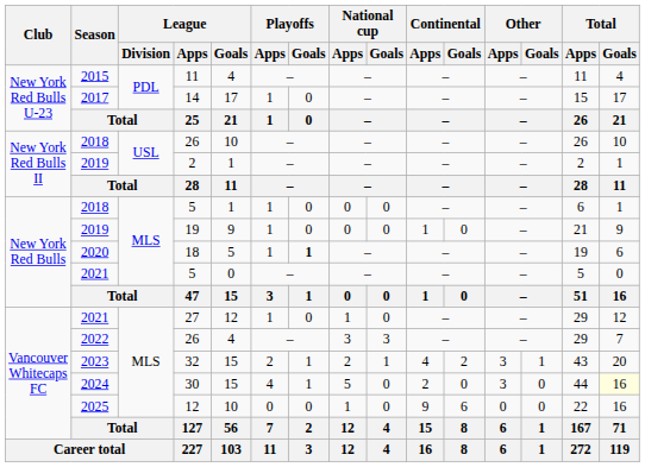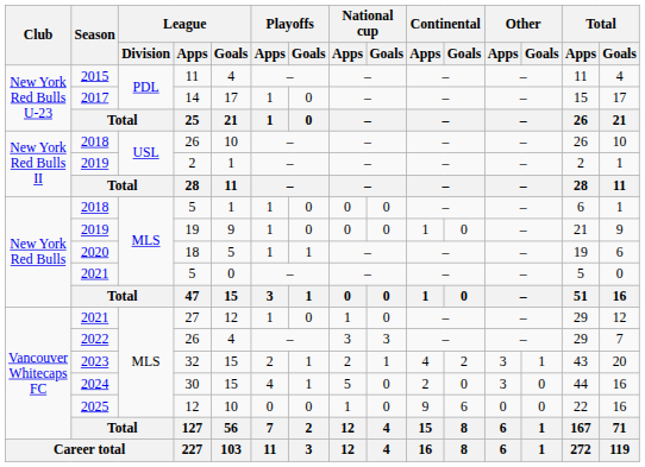 <table class="wikitable" style="text-align: center;">
 <tr>
 <th rowspan="2">Club</th>
 <th rowspan="2">Season</th>
 <th colspan="3">League</th>
 <th colspan="2">Playoffs</th>
 <th colspan="2">National cup</th>
 <th colspan="2">Continental</th>
 <th colspan="2">Other</th>
 <th colspan="2">Total</th>
 </tr>
 <tr>
 <th>Division</th>
 <th>Apps</th>
 <th>Goals</th>
 <th>Apps</th>
 <th>Goals</th>
 <th>Apps</th>
 <th>Goals</th>
 <th>Apps</th>
 <th>Goals</th>
 <th>Apps</th>
 <th>Goals</th>
 <th>Apps</th>
 <th>Goals</th>
 </tr>
 <tr>
 <td rowspan="3"><a href='#'>New York Red Bulls U-23</a></td>
 <td><a href='#'>2015</a></td>
 <td rowspan="2"><a href='#'>PDL</a></td>
 <td>11</td>
 <td>4</td>
 <td colspan="2">–</td>
 <td colspan="2">–</td>
 <td colspan="2">–</td>
 <td colspan="2">–</td>
 <td>11</td>
 <td>4</td>
 </tr>
 <tr>
 <td><a href='#'>2017</a></td>
 <td>14</td>
 <td>17</td>
 <td>1</td>
 <td>0</td>
 <td colspan="2">–</td>
 <td colspan="2">–</td>
 <td colspan="2">–</td>
 <td>15</td>
 <td>17</td>
 </tr>
 <tr>
 <th colspan="2">Total</th>
 <th>25</th>
 <th>21</th>
 <th>1</th>
 <th>0</th>
 <th colspan="2">–</th>
 <th colspan="2">–</th>
 <th colspan="2">–</th>
 <th>26</th>
 <th>21</th>
 </tr>
 <tr>
 <td rowspan="3"><a href='#'>New York Red Bulls II</a></td>
 <td><a href='#'>2018</a></td>
 <td rowspan="2"><a href='#'>USL</a></td>
 <td>26</td>
 <td>10</td>
 <td colspan="2">–</td>
 <td colspan="2">–</td>
 <td colspan="2">–</td>
 <td colspan="2">–</td>
 <td>26</td>
 <td>10</td>
 </tr>
 <tr>
 <td><a href='#'>2019</a></td>
 <td>2</td>
 <td>1</td>
 <td colspan="2">–</td>
 <td colspan="2">–</td>
 <td colspan="2">–</td>
 <td colspan="2">–</td>
 <td>2</td>
 <td>1</td>
 </tr>
 <tr>
 <th colspan="2">Total</th>
 <th>28</th>
 <th>11</th>
 <th colspan="2">–</th>
 <th colspan="2">–</th>
 <th colspan="2">–</th>
 <th colspan="2">–</th>
 <th>28</th>
 <th>11</th>
 </tr>
 <tr>
 <td rowspan="5"><a href='#'>New York Red Bulls</a></td>
 <td><a href='#'>2018</a></td>
 <td rowspan="4"><a href='#'>MLS</a></td>
 <td>5</td>
 <td>1</td>
 <td>1</td>
 <td>0</td>
 <td>0</td>
 <td>0</td>
 <td colspan="2">–</td>
 <td colspan="2">–</td>
 <td>6</td>
 <td>1</td>
 </tr>
 <tr>
 <td><a href='#'>2019</a></td>
 <td>19</td>
 <td>9</td>
 <td>1</td>
 <td>0</td>
 <td>0</td>
 <td>0</td>
 <td>1</td>
 <td>0</td>
 <td colspan="2">–</td>
 <td>21</td>
 <td>9</td>
 </tr>
 <tr>
 <td><a href='#'>2020</a></td>
 <td>18</td>
 <td>5</td>
 <td>1</td>
-<td><strong>1</strong></td>
+<td>1</td>
 <td colspan="2">–</td>
 <td colspan="2">–</td>
 <td colspan="2">–</td>
 <td>19</td>
 <td>6</td>
 </tr>
 <tr>
 <td><a href='#'>2021</a></td>
 <td>5</td>
 <td>0</td>
 <td colspan="2">–</td>
 <td colspan="2">–</td>
 <td colspan="2">–</td>
 <td colspan="2">–</td>
 <td>5</td>
 <td>0</td>
 </tr>
 <tr>
 <th colspan="2">Total</th>
 <th>47</th>
 <th>15</th>
 <th>3</th>
 <th>1</th>
 <th>0</th>
 <th>0</th>
 <th>1</th>
 <th>0</th>
 <th colspan="2">–</th>
 <th>51</th>
 <th>16</th>
 </tr>
 <tr>
 <td rowspan="6"><a href='#'>Vancouver Whitecaps FC</a></td>
 <td><a href='#'>2021</a></td>
 <td rowspan="5">MLS</td>
 <td>27</td>
 <td>12</td>
 <td>1</td>
 <td>0</td>
 <td>1</td>
 <td>0</td>
 <td colspan="2">–</td>
 <td colspan="2">–</td>
 <td>29</td>
 <td>12</td>
 </tr>
 <tr>
 <td><a href='#'>2022</a></td>
 <td>26</td>
 <td>4</td>
 <td colspan="2">–</td>
 <td>3</td>
 <td>3</td>
 <td colspan="2">–</td>
 <td colspan="2">–</td>
 <td>29</td>
 <td>7</td>
 </tr>
 <tr>
 <td><a href='#'>2023</a></td>
 <td>32</td>
 <td>15</td>
 <td>2</td>
 <td>1</td>
 <td>2</td>
 <td>1</td>
 <td>4</td>
 <td>2</td>
 <td>3</td>
 <td>1</td>
 <td>43</td>
 <td>20</td>
 </tr>
 <tr>
 <td><a href='#'>2024</a></td>
 <td>30</td>
 <td>15</td>
 <td>4</td>
 <td>1</td>
 <td>5</td>
 <td>0</td>
 <td>2</td>
 <td>0</td>
 <td>3</td>
 <td>0</td>
 <td>44</td>
-<td style="background: lightyellow;">16</td>
+<td>16</td>
 </tr>
 <tr>
 <td><a href='#'>2025</a></td>
 <td>12</td>
 <td>10</td>
 <td>0</td>
 <td>0</td>
 <td>1</td>
 <td>0</td>
 <td>9</td>
 <td>6</td>
 <td>0</td>
 <td>0</td>
 <td>22</td>
 <td>16</td>
 </tr>
 <tr>
 <th colspan="2">Total</th>
 <th>127</th>
 <th>56</th>
 <th>7</th>
 <th>2</th>
 <th>12</th>
 <th>4</th>
 <th>15</th>
 <th>8</th>
 <th>6</th>
 <th>1</th>
 <th>167</th>
 <th>71</th>
 </tr>
 <tr>
 <th colspan="3">Career total</th>
 <th>227</th>
 <th>103</th>
 <th>11</th>
 <th>3</th>
 <th>12</th>
 <th>4</th>
 <th>16</th>
 <th>8</th>
 <th>6</th>
 <th>1</th>
 <th>272</th>
 <th>119</th>
 </tr>
 </table>
